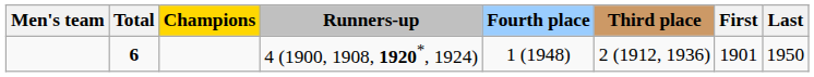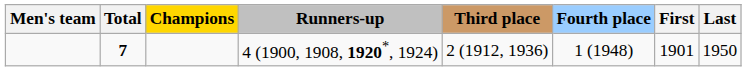 <table class="wikitable" style="text-align: center; font-size: 90%; margin-left: 1em;">
 <tr>
 <th>Men's team</th>
 <th>Total</th>
 <th style="background-color: gold;">Champions</th>
 <th style="background-color: silver;">Runners-up</th>
+<th style="background-color: #cc9966;">Third place</th>
 <th style="background-color: #9acdff;">Fourth place</th>
-<th style="background-color: #cc9966;">Third place</th>
 <th>First</th>
 <th>Last</th>
 </tr>
 <tr>
 <td style="text-align: left;"></td>
-<td><strong>6</strong></td>
+<td><strong>7</strong></td>
 <td></td>
 <td>4 (1900, 1908, <strong>1920</strong><sup>*</sup>, 1924)</td>
+<td>2 (1912, 1936)</td>
 <td>1 (1948)</td>
-<td>2 (1912, 1936)</td>
 <td>1901</td>
 <td>1950</td>
 </tr>
 </table>
